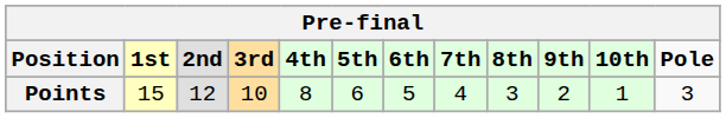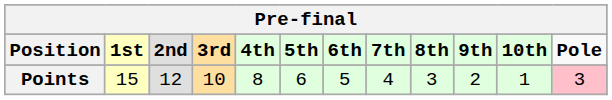 <table class="wikitable" style="font-size: 85%;">
 <tr>
 <th colspan="12">Pre-final</th>
 </tr>
 <tr>
 <th>Position</th>
 <td align="center" style="background-color:#ffffbf"><strong>1st</strong></td>
 <td align="center" style="background-color:#dfdfdf"><strong>2nd</strong></td>
 <td align="center" style="background-color:#ffdf9f"><strong>3rd</strong></td>
 <td align="center" style="background-color:#dfffdf"><strong>4th</strong></td>
 <td align="center" style="background-color:#dfffdf"><strong>5th</strong></td>
 <td align="center" style="background-color:#dfffdf"><strong>6th</strong></td>
 <td align="center" style="background-color:#dfffdf"><strong>7th</strong></td>
 <td align="center" style="background-color:#dfffdf"><strong>8th</strong></td>
 <td align="center" style="background-color:#dfffdf"><strong>9th</strong></td>
 <td align="center" style="background-color:#dfffdf"><strong>10th</strong></td>
 <td align="center"><strong>Pole</strong></td>
 </tr>
 <tr>
 <th>Points</th>
 <td align="center" style="background:#ffffbf">15</td>
 <td align="center" style="background:#dfdfdf">12</td>
 <td align="center" style="background:#ffdf9f">10</td>
 <td align="center" style="background:#dfffdf">8</td>
 <td align="center" style="background:#dfffdf">6</td>
 <td align="center" style="background:#dfffdf">5</td>
 <td align="center" style="background:#dfffdf">4</td>
 <td align="center" style="background:#dfffdf">3</td>
 <td align="center" style="background:#dfffdf">2</td>
 <td align="center" style="background:#dfffdf">1</td>
-<td align="center">3</td>
+<td align="center" style="background: pink;">3</td>
 </tr>
 </table>
